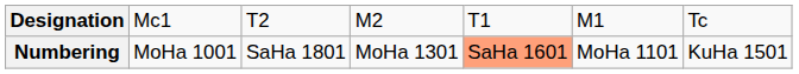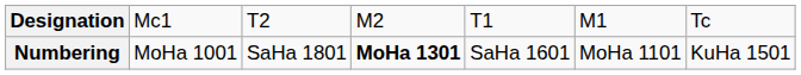 <table class="wikitable">
 <tr>
 <th>Designation</th>
 <td>Mc1</td>
 <td>T2</td>
 <td>M2</td>
 <td>T1</td>
 <td>M1</td>
 <td>Tc</td>
 </tr>
 <tr>
 <th>Numbering</th>
 <td>MoHa 1001</td>
 <td>SaHa 1801</td>
-<td>MoHa 1301</td>
-<td style="background: lightsalmon;">SaHa 1601</td>
+<td><strong>MoHa 1301</strong></td>
+<td>SaHa 1601</td>
 <td>MoHa 1101</td>
 <td>KuHa 1501</td>
 </tr>
 </table>
